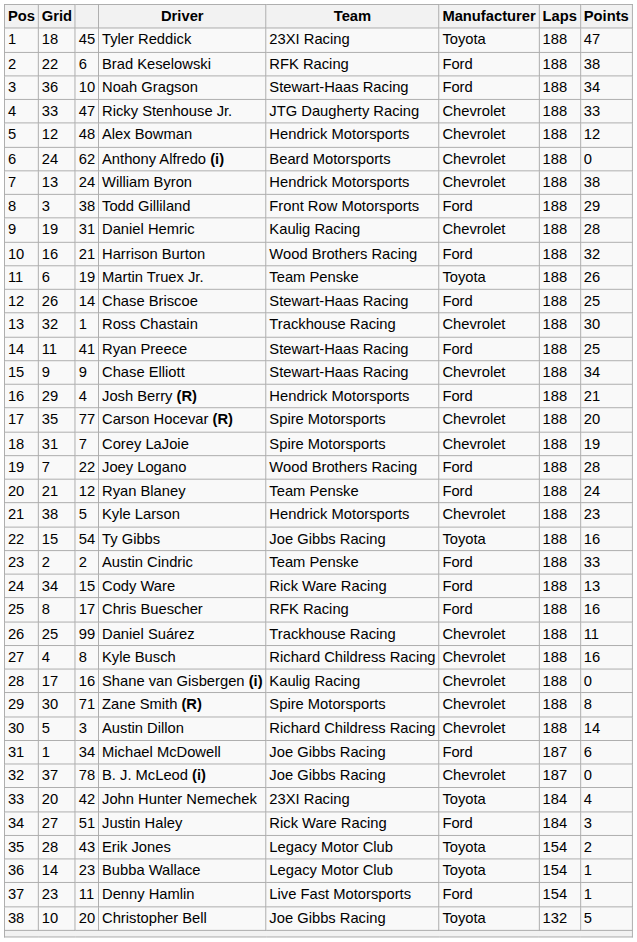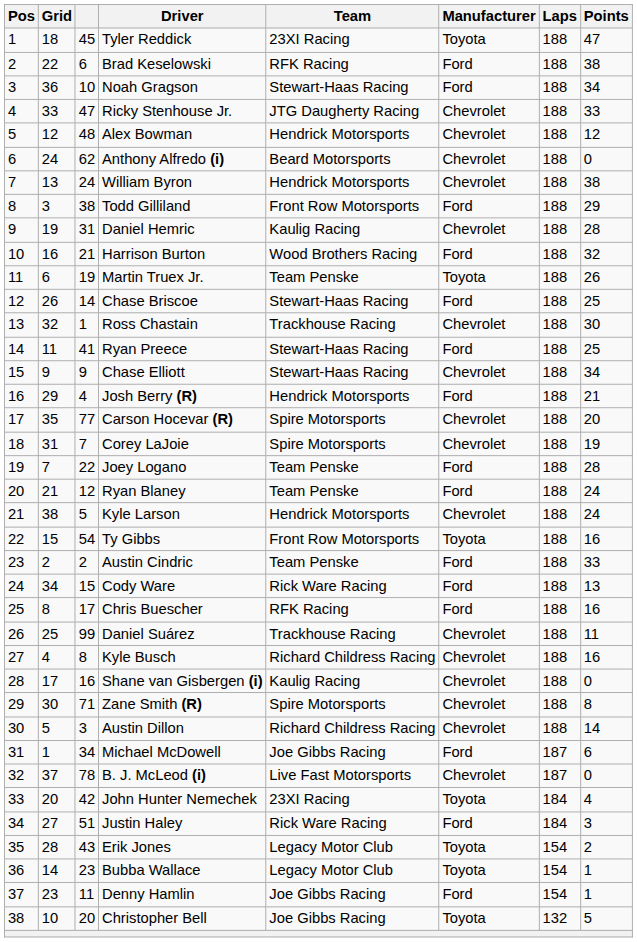 <table class="wikitable" style="font-size:98%">
 <tr>
 <th>Pos</th>
 <th>Grid</th>
 <th></th>
 <th>Driver</th>
 <th>Team</th>
 <th>Manufacturer</th>
 <th>Laps</th>
 <th>Points</th>
 </tr>
 <tr>
 <td>1</td>
 <td>18</td>
 <td>45</td>
 <td>Tyler Reddick</td>
 <td>23XI Racing</td>
 <td>Toyota</td>
 <td>188</td>
 <td>47</td>
 </tr>
 <tr>
 <td>2</td>
 <td>22</td>
 <td>6</td>
 <td>Brad Keselowski</td>
 <td>RFK Racing</td>
 <td>Ford</td>
 <td>188</td>
 <td>38</td>
 </tr>
 <tr>
 <td>3</td>
 <td>36</td>
 <td>10</td>
 <td>Noah Gragson</td>
 <td>Stewart-Haas Racing</td>
 <td>Ford</td>
 <td>188</td>
 <td>34</td>
 </tr>
 <tr>
 <td>4</td>
 <td>33</td>
 <td>47</td>
 <td>Ricky Stenhouse Jr.</td>
 <td>JTG Daugherty Racing</td>
 <td>Chevrolet</td>
 <td>188</td>
 <td>33</td>
 </tr>
 <tr>
 <td>5</td>
 <td>12</td>
 <td>48</td>
 <td>Alex Bowman</td>
 <td>Hendrick Motorsports</td>
 <td>Chevrolet</td>
 <td>188</td>
 <td>12</td>
 </tr>
 <tr>
 <td>6</td>
 <td>24</td>
 <td>62</td>
 <td>Anthony Alfredo <strong>(i)</strong></td>
 <td>Beard Motorsports</td>
 <td>Chevrolet</td>
 <td>188</td>
 <td>0</td>
 </tr>
 <tr>
 <td>7</td>
 <td>13</td>
 <td>24</td>
 <td>William Byron</td>
 <td>Hendrick Motorsports</td>
 <td>Chevrolet</td>
 <td>188</td>
 <td>38</td>
 </tr>
 <tr>
 <td>8</td>
 <td>3</td>
 <td>38</td>
 <td>Todd Gilliland</td>
 <td>Front Row Motorsports</td>
 <td>Ford</td>
 <td>188</td>
 <td>29</td>
 </tr>
 <tr>
 <td>9</td>
 <td>19</td>
 <td>31</td>
 <td>Daniel Hemric</td>
 <td>Kaulig Racing</td>
 <td>Chevrolet</td>
 <td>188</td>
 <td>28</td>
 </tr>
 <tr>
 <td>10</td>
 <td>16</td>
 <td>21</td>
 <td>Harrison Burton</td>
 <td>Wood Brothers Racing</td>
 <td>Ford</td>
 <td>188</td>
 <td>32</td>
 </tr>
 <tr>
 <td>11</td>
 <td>6</td>
 <td>19</td>
 <td>Martin Truex Jr.</td>
 <td>Team Penske</td>
 <td>Toyota</td>
 <td>188</td>
 <td>26</td>
 </tr>
 <tr>
 <td>12</td>
 <td>26</td>
 <td>14</td>
 <td>Chase Briscoe</td>
 <td>Stewart-Haas Racing</td>
 <td>Ford</td>
 <td>188</td>
 <td>25</td>
 </tr>
 <tr>
 <td>13</td>
 <td>32</td>
 <td>1</td>
 <td>Ross Chastain</td>
 <td>Trackhouse Racing</td>
 <td>Chevrolet</td>
 <td>188</td>
 <td>30</td>
 </tr>
 <tr>
 <td>14</td>
 <td>11</td>
 <td>41</td>
 <td>Ryan Preece</td>
 <td>Stewart-Haas Racing</td>
 <td>Ford</td>
 <td>188</td>
 <td>25</td>
 </tr>
 <tr>
 <td>15</td>
 <td>9</td>
 <td>9</td>
 <td>Chase Elliott</td>
 <td>Stewart-Haas Racing</td>
 <td>Chevrolet</td>
 <td>188</td>
 <td>34</td>
 </tr>
 <tr>
 <td>16</td>
 <td>29</td>
 <td>4</td>
 <td>Josh Berry <strong>(R)</strong></td>
 <td>Hendrick Motorsports</td>
 <td>Ford</td>
 <td>188</td>
 <td>21</td>
 </tr>
 <tr>
 <td>17</td>
 <td>35</td>
 <td>77</td>
 <td>Carson Hocevar <strong>(R)</strong></td>
 <td>Spire Motorsports</td>
 <td>Chevrolet</td>
 <td>188</td>
 <td>20</td>
 </tr>
 <tr>
 <td>18</td>
 <td>31</td>
 <td>7</td>
 <td>Corey LaJoie</td>
 <td>Spire Motorsports</td>
 <td>Chevrolet</td>
 <td>188</td>
 <td>19</td>
 </tr>
 <tr>
 <td>19</td>
 <td>7</td>
 <td>22</td>
 <td>Joey Logano</td>
-<td>Wood Brothers Racing</td>
+<td>Team Penske</td>
 <td>Ford</td>
 <td>188</td>
 <td>28</td>
 </tr>
 <tr>
 <td>20</td>
 <td>21</td>
 <td>12</td>
 <td>Ryan Blaney</td>
 <td>Team Penske</td>
 <td>Ford</td>
 <td>188</td>
 <td>24</td>
 </tr>
 <tr>
 <td>21</td>
 <td>38</td>
 <td>5</td>
 <td>Kyle Larson</td>
 <td>Hendrick Motorsports</td>
 <td>Chevrolet</td>
 <td>188</td>
-<td>23</td>
+<td>24</td>
 </tr>
 <tr>
 <td>22</td>
 <td>15</td>
 <td>54</td>
 <td>Ty Gibbs</td>
-<td>Joe Gibbs Racing</td>
+<td>Front Row Motorsports</td>
 <td>Toyota</td>
 <td>188</td>
 <td>16</td>
 </tr>
 <tr>
 <td>23</td>
 <td>2</td>
 <td>2</td>
 <td>Austin Cindric</td>
 <td>Team Penske</td>
 <td>Ford</td>
 <td>188</td>
 <td>33</td>
 </tr>
 <tr>
 <td>24</td>
 <td>34</td>
 <td>15</td>
 <td>Cody Ware</td>
 <td>Rick Ware Racing</td>
 <td>Ford</td>
 <td>188</td>
 <td>13</td>
 </tr>
 <tr>
 <td>25</td>
 <td>8</td>
 <td>17</td>
 <td>Chris Buescher</td>
 <td>RFK Racing</td>
 <td>Ford</td>
 <td>188</td>
 <td>16</td>
 </tr>
 <tr>
 <td>26</td>
 <td>25</td>
 <td>99</td>
 <td>Daniel Suárez</td>
 <td>Trackhouse Racing</td>
 <td>Chevrolet</td>
 <td>188</td>
 <td>11</td>
 </tr>
 <tr>
 <td>27</td>
 <td>4</td>
 <td>8</td>
 <td>Kyle Busch</td>
 <td>Richard Childress Racing</td>
 <td>Chevrolet</td>
 <td>188</td>
 <td>16</td>
 </tr>
 <tr>
 <td>28</td>
 <td>17</td>
 <td>16</td>
 <td>Shane van Gisbergen <strong>(i)</strong></td>
 <td>Kaulig Racing</td>
 <td>Chevrolet</td>
 <td>188</td>
 <td>0</td>
 </tr>
 <tr>
 <td>29</td>
 <td>30</td>
 <td>71</td>
 <td>Zane Smith <strong>(R)</strong></td>
 <td>Spire Motorsports</td>
 <td>Chevrolet</td>
 <td>188</td>
 <td>8</td>
 </tr>
 <tr>
 <td>30</td>
 <td>5</td>
 <td>3</td>
 <td>Austin Dillon</td>
 <td>Richard Childress Racing</td>
 <td>Chevrolet</td>
 <td>188</td>
 <td>14</td>
 </tr>
 <tr>
 <td>31</td>
 <td>1</td>
 <td>34</td>
 <td>Michael McDowell</td>
 <td>Joe Gibbs Racing</td>
 <td>Ford</td>
 <td>187</td>
 <td>6</td>
 </tr>
 <tr>
 <td>32</td>
 <td>37</td>
 <td>78</td>
 <td>B. J. McLeod <strong>(i)</strong></td>
-<td>Joe Gibbs Racing</td>
+<td>Live Fast Motorsports</td>
 <td>Chevrolet</td>
 <td>187</td>
 <td>0</td>
 </tr>
 <tr>
 <td>33</td>
 <td>20</td>
 <td>42</td>
 <td>John Hunter Nemechek</td>
 <td>23XI Racing</td>
 <td>Toyota</td>
 <td>184</td>
 <td>4</td>
 </tr>
 <tr>
 <td>34</td>
 <td>27</td>
 <td>51</td>
 <td>Justin Haley</td>
 <td>Rick Ware Racing</td>
 <td>Ford</td>
 <td>184</td>
 <td>3</td>
 </tr>
 <tr>
 <td>35</td>
 <td>28</td>
 <td>43</td>
 <td>Erik Jones</td>
 <td>Legacy Motor Club</td>
 <td>Toyota</td>
 <td>154</td>
 <td>2</td>
 </tr>
 <tr>
 <td>36</td>
 <td>14</td>
 <td>23</td>
 <td>Bubba Wallace</td>
 <td>Legacy Motor Club</td>
 <td>Toyota</td>
 <td>154</td>
 <td>1</td>
 </tr>
 <tr>
 <td>37</td>
 <td>23</td>
 <td>11</td>
 <td>Denny Hamlin</td>
-<td>Live Fast Motorsports</td>
+<td>Joe Gibbs Racing</td>
 <td>Ford</td>
 <td>154</td>
 <td>1</td>
 </tr>
 <tr>
 <td>38</td>
 <td>10</td>
 <td>20</td>
 <td>Christopher Bell</td>
 <td>Joe Gibbs Racing</td>
 <td>Toyota</td>
 <td>132</td>
 <td>5</td>
 </tr>
 <tr>
 <th colspan="8"></th>
 </tr>
 </table>
